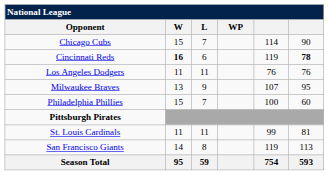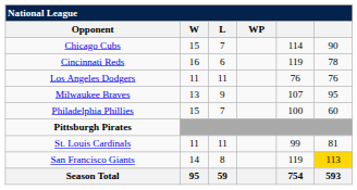 <table class="wikitable" style="font-size:95%; text-align:center; width:35em;margin:0.5em auto;">
 <tr>
 <td colspan="7" style="text-align:left; background:#03224c;color:#fff"><strong>National League</strong></td>
 </tr>
 <tr>
 <th>Opponent</th>
 <th>W</th>
 <th>L</th>
 <th>WP</th>
 <th></th>
 <th></th>
 </tr>
 <tr>
 <td><a href='#'>Chicago Cubs</a></td>
 <td>15</td>
 <td>7</td>
 <td></td>
 <td>114</td>
 <td>90</td>
 </tr>
 <tr>
 <td><a href='#'>Cincinnati Reds</a></td>
-<td><strong>16</strong></td>
+<td>16</td>
 <td>6</td>
 <td></td>
 <td>119</td>
-<td><strong>78</strong></td>
+<td>78</td>
 </tr>
 <tr>
 <td><a href='#'>Los Angeles Dodgers</a></td>
 <td>11</td>
 <td>11</td>
 <td></td>
 <td>76</td>
 <td>76</td>
 </tr>
 <tr>
 <td><a href='#'>Milwaukee Braves</a></td>
 <td>13</td>
 <td>9</td>
 <td></td>
 <td>107</td>
 <td>95</td>
 </tr>
 <tr>
 <td><a href='#'>Philadelphia Phillies</a></td>
 <td>15</td>
 <td>7</td>
 <td></td>
 <td>100</td>
 <td>60</td>
 </tr>
 <tr>
 <td><strong>Pittsburgh Pirates</strong></td>
 <td colspan=5 style="background:darkgray;"></td>
 </tr>
 <tr>
 <td><a href='#'>St. Louis Cardinals</a></td>
 <td>11</td>
 <td>11</td>
 <td></td>
 <td>99</td>
 <td>81</td>
 </tr>
 <tr>
 <td><a href='#'>San Francisco Giants</a></td>
 <td>14</td>
 <td>8</td>
 <td></td>
 <td>119</td>
-<td>113</td>
+<td style="background: gold;">113</td>
 </tr>
 <tr>
 <th>Season Total</th>
 <th>95</th>
 <th>59</th>
 <th></th>
 <th>754</th>
 <th>593</th>
 </tr>
 </table>
